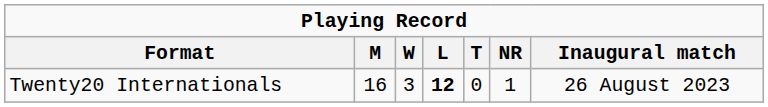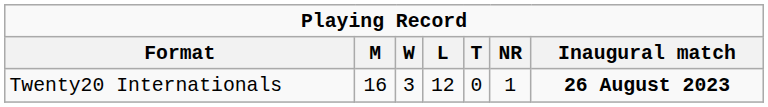 <table class="wikitable" style="text-align: center; width: 500px;">
 <tr>
 <td colspan=7 align="center"><strong>Playing Record</strong></td>
 </tr>
 <tr>
 <th>Format</th>
 <th>M</th>
 <th>W</th>
 <th>L</th>
 <th>T</th>
 <th>NR</th>
 <th>Inaugural match</th>
 </tr>
 <tr>
 <td align="left">Twenty20 Internationals</td>
 <td>16</td>
 <td>3</td>
-<td><strong>12</strong></td>
+<td>12</td>
 <td>0</td>
 <td>1</td>
-<td>26 August 2023</td>
+<td><strong>26 August 2023</strong></td>
 </tr>
 </table>
